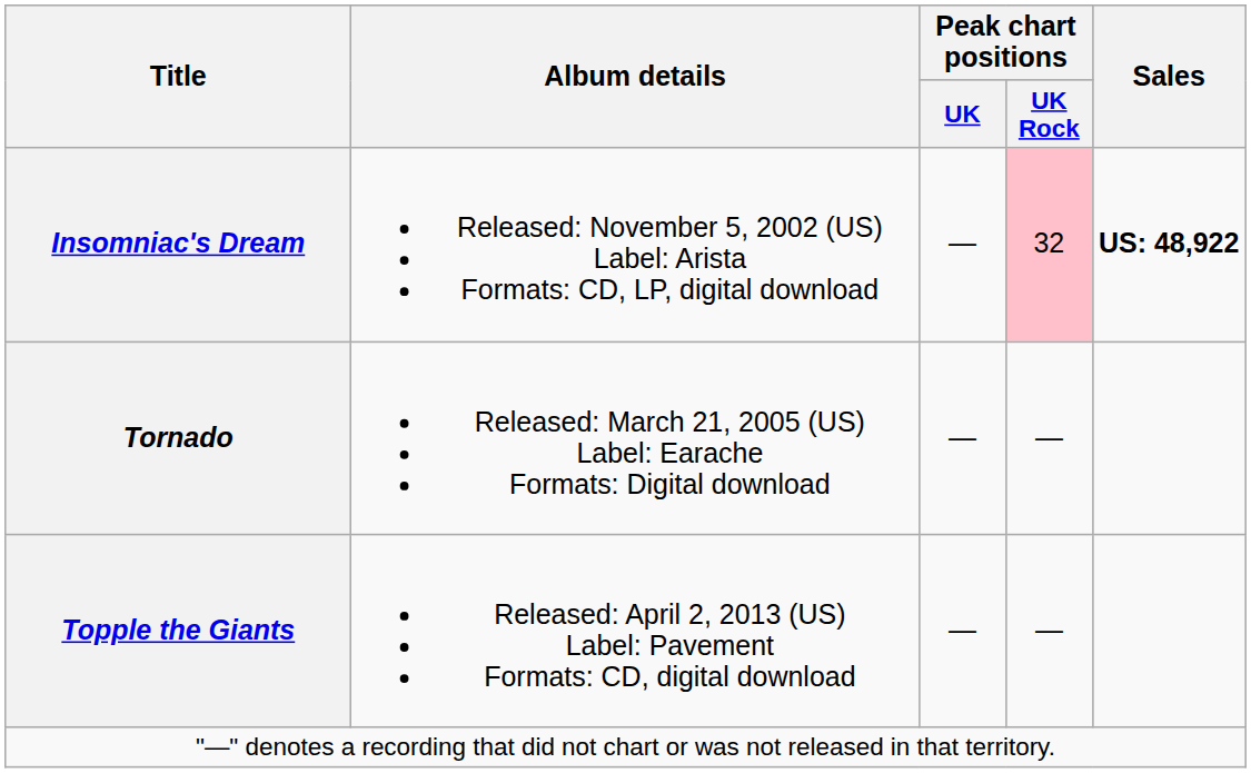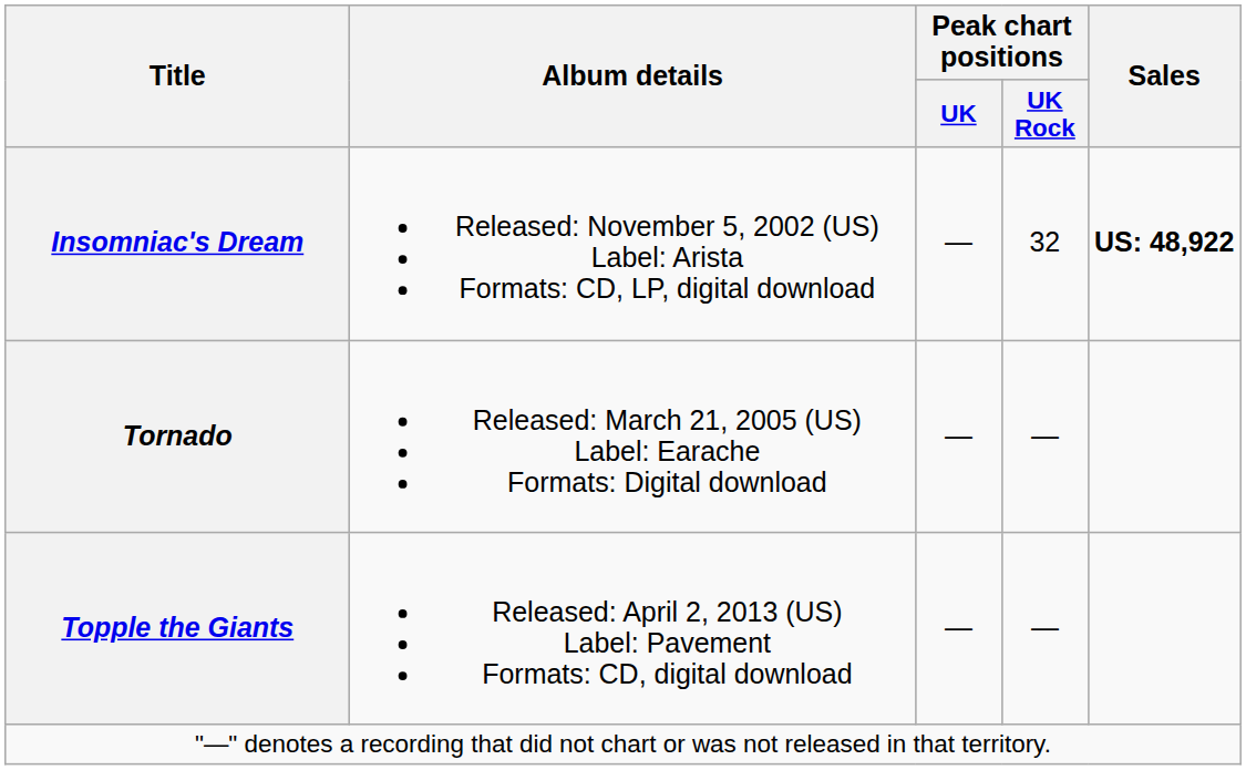 <table class="wikitable plainrowheaders" style="text-align:center;">
 <tr>
 <th scope="col" rowspan="2" style="width:12em;">Title</th>
 <th scope="col" rowspan="2" style="width:20em;">Album details</th>
 <th scope="col" colspan="2">Peak chart positions</th>
 <th rowspan="2">Sales</th>
 </tr>
 <tr>
 <th scope="col" style="width:3em;font-size:90%;"><a href='#'>UK</a><br></th>
 <th scope="col" style="width:3em;font-size:90%;"><a href='#'>UK<br>Rock</a><br></th>
 </tr>
 <tr>
 <th scope="row"><em><a href='#'>Insomniac's Dream</a></em></th>
 <td><br><ul><li>Released: November 5, 2002 <span>(US)</span></li><li>Label: Arista</li><li>Formats: CD, LP, digital download</li></ul></td>
 <td>—</td>
-<td style="background: pink;">32</td>
+<td>32</td>
 <td><strong>US: 48,922</strong></td>
 </tr>
 <tr>
 <th scope="row"><em>Tornado</em></th>
 <td><br><ul><li>Released: March 21, 2005 <span>(US)</span></li><li>Label: Earache</li><li>Formats: Digital download</li></ul></td>
 <td>—</td>
 <td>—</td>
 <td></td>
 </tr>
 <tr>
 <th scope="row"><em><a href='#'>Topple the Giants</a></em></th>
 <td><br><ul><li>Released: April 2, 2013 <span>(US)</span></li><li>Label: Pavement</li><li>Formats: CD, digital download</li></ul></td>
 <td>—</td>
 <td>—</td>
 <td></td>
 </tr>
 <tr>
 <td colspan="6" style="font-size:90%">"—" denotes a recording that did not chart or was not released in that territory.</td>
 </tr>
 </table>
